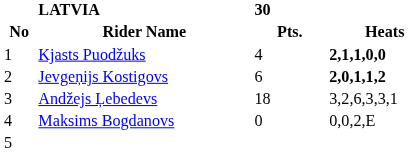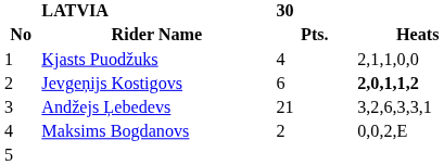 <table class="toccolours">
 <tr>
 <td></td>
 <td><strong>LATVIA</strong></td>
 <td><strong>30</strong></td>
 </tr>
 <tr style="background: ">
 <th width=30px>No</th>
 <th width=210px>Rider Name</th>
 <th width=70px>Pts.</th>
 <th width=110px>Heats</th>
 </tr>
 <tr style="background-color:">
 <td>1</td>
 <td><a href='#'>Kjasts Puodžuks</a></td>
 <td>4</td>
-<td><strong>2,1,1,0,0</strong></td>
+<td>2,1,1,0,0</td>
 </tr>
 <tr style="background-color:">
 <td>2</td>
 <td><a href='#'>Jevgeņijs Kostigovs</a></td>
 <td>6</td>
 <td><strong>2,0,1,1,2</strong></td>
 </tr>
 <tr style="background-color:">
 <td>3</td>
 <td><a href='#'>Andžejs Ļebedevs</a></td>
-<td>18</td>
+<td>21</td>
 <td>3,2,6,3,3,1</td>
 </tr>
 <tr style="background-color:">
 <td>4</td>
 <td><a href='#'>Maksims Bogdanovs</a></td>
-<td>0</td>
+<td>2</td>
 <td>0,0,2,E</td>
 </tr>
 <tr style="background-color:">
 <td>5</td>
 <td></td>
 <td></td>
 <td></td>
 </tr>
 </table>
